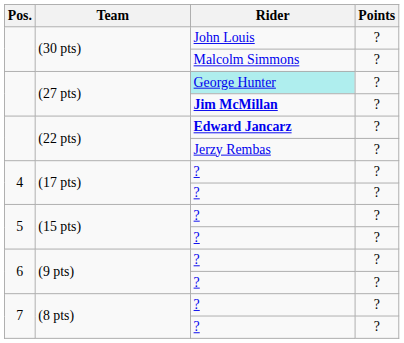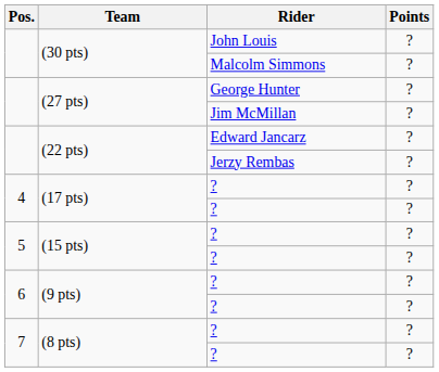 <table class=wikitable style="font-size:93%;">
 <tr>
 <th width=25px>Pos.</th>
 <th width=160px>Team</th>
 <th width=170px>Rider</th>
 <th width=40px>Points</th>
 </tr>
 <tr align=center >
 <td rowspan=2 ></td>
 <td rowspan=2 align=left> (30 pts)</td>
 <td align=left><a href='#'>John Louis</a></td>
 <td>?</td>
 </tr>
 <tr align=center >
 <td align=left><a href='#'>Malcolm Simmons</a></td>
 <td>?</td>
 </tr>
 <tr align=center >
 <td rowspan=2 ></td>
 <td rowspan=2 align=left> (27 pts)</td>
-<td align=left style="background: paleturquoise;"><a href='#'>George Hunter</a></td>
+<td align=left><a href='#'>George Hunter</a></td>
 <td>?</td>
 </tr>
 <tr align=center >
-<td align=left><strong><a href='#'>Jim McMillan</a></strong></td>
+<td align=left><a href='#'>Jim McMillan</a></td>
 <td>?</td>
 </tr>
 <tr align=center >
 <td rowspan=2 ></td>
 <td rowspan=2 align=left> (22 pts)</td>
-<td align=left><strong><a href='#'>Edward Jancarz</a></strong></td>
+<td align=left><a href='#'>Edward Jancarz</a></td>
 <td>?</td>
 </tr>
 <tr align=center >
 <td align=left><a href='#'>Jerzy Rembas</a></td>
 <td>?</td>
 </tr>
 <tr align=center>
 <td rowspan=2>4</td>
 <td rowspan=2 align=left> (17 pts)</td>
 <td align=left><a href='#'>?</a></td>
 <td>?</td>
 </tr>
 <tr align=center>
 <td align=left><a href='#'>?</a></td>
 <td>?</td>
 </tr>
 <tr align=center>
 <td rowspan=2>5</td>
 <td rowspan=2 align=left> (15 pts)</td>
 <td align=left><a href='#'>?</a></td>
 <td>?</td>
 </tr>
 <tr align=center>
 <td align=left><a href='#'>?</a></td>
 <td>?</td>
 </tr>
 <tr align=center>
 <td rowspan=2>6</td>
 <td rowspan=2 align=left> (9 pts)</td>
 <td align=left><a href='#'>?</a></td>
 <td>?</td>
 </tr>
 <tr align=center>
 <td align=left><a href='#'>?</a></td>
 <td>?</td>
 </tr>
 <tr align=center>
 <td rowspan=2>7</td>
 <td rowspan=2 align=left> (8 pts)</td>
 <td align=left><a href='#'>?</a></td>
 <td>?</td>
 </tr>
 <tr align=center>
 <td align=left><a href='#'>?</a></td>
 <td>?</td>
 </tr>
 </table>
